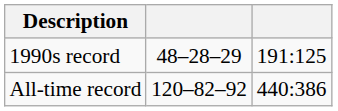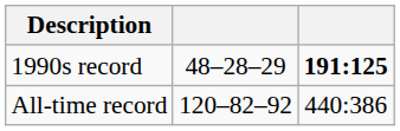 <table class="wikitable">
 <tr>
 <th>Description</th>
 <th></th>
 <th></th>
 </tr>
 <tr>
 <td>1990s record</td>
 <td align="center">48–28–29</td>
-<td align="center">191:125</td>
+<td align="center"><strong>191:125</strong></td>
 </tr>
 <tr>
 <td>All-time record</td>
 <td align="center">120–82–92</td>
 <td align="center">440:386</td>
 </tr>
 </table>
